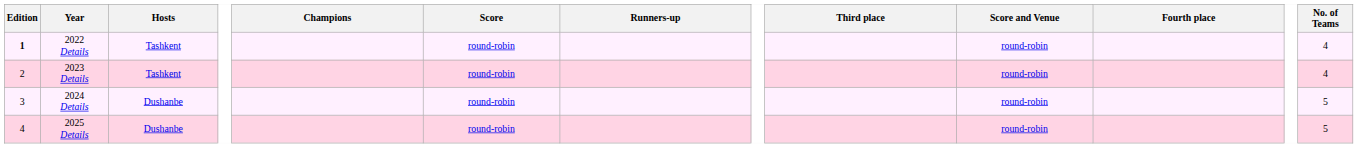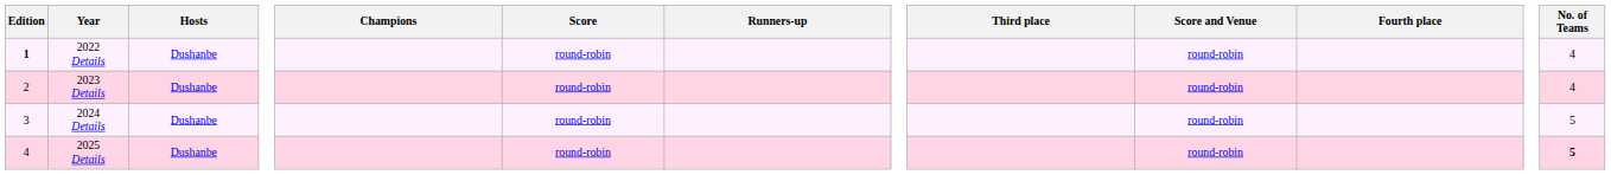 <table class="wikitable" style="text-align:center;width:100%; font-size:90%;">
 <tr>
 <th width=2%>Edition</th>
 <th width=5%>Year</th>
 <th width=8%>Hosts</th>
 <td rowspan="5" style="width:1%;background:#fff;border-top-style:hidden;border-bottom-style:hidden;"></td>
 <th style="width:14%;">Champions</th>
 <th width=10%>Score</th>
 <th style="width:14%;">Runners-up</th>
 <td rowspan="5" style="width:1%;background:#fff;border-top-style:hidden;border-bottom-style:hidden;"></td>
 <th style="width:14%;">Third place</th>
 <th width=10%>Score and Venue</th>
 <th style="width:14%;">Fourth place</th>
 <td rowspan="5" style="width:1%;background:#fff;border-top-style:hidden;border-bottom-style:hidden;"></td>
 <th width=4%>No. of Teams</th>
 </tr>
 <tr style="background:#fff0ff;">
 <td><strong>1</strong></td>
 <td>2022<br><em><a href='#'>Details</a></em></td>
-<td> <a href='#'>Tashkent</a></td>
+<td> <a href='#'>Dushanbe</a></td>
 <td><strong></strong></td>
 <td><a href='#'>round-robin</a></td>
 <td></td>
 <td></td>
 <td><a href='#'>round-robin</a></td>
 <td></td>
 <td>4</td>
 </tr>
 <tr style="background:#FFD4E4;">
 <td>2</td>
 <td>2023<br><em><a href='#'>Details</a></em></td>
-<td> <a href='#'>Tashkent</a></td>
+<td> <a href='#'>Dushanbe</a></td>
 <td><strong></strong></td>
 <td><a href='#'>round-robin</a></td>
 <td></td>
 <td></td>
 <td><a href='#'>round-robin</a></td>
 <td></td>
 <td>4</td>
 </tr>
 <tr style="background:#fff0ff;">
 <td>3</td>
 <td>2024<br><em><a href='#'>Details</a></em></td>
 <td> <a href='#'>Dushanbe</a></td>
 <td><strong></strong></td>
 <td><a href='#'>round-robin</a></td>
 <td></td>
 <td></td>
 <td><a href='#'>round-robin</a></td>
 <td></td>
 <td>5</td>
 </tr>
 <tr style="background:#FFD4E4;">
 <td>4</td>
 <td>2025<br><em><a href='#'>Details</a></em></td>
 <td> <a href='#'>Dushanbe</a></td>
 <td><strong></strong></td>
 <td><a href='#'>round-robin</a></td>
 <td></td>
 <td></td>
 <td><a href='#'>round-robin</a></td>
 <td></td>
-<td>5</td>
+<td><strong>5</strong></td>
 </tr>
 </table>
